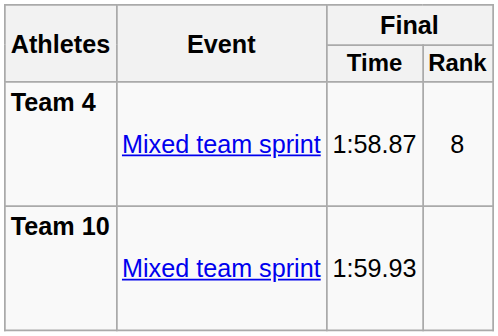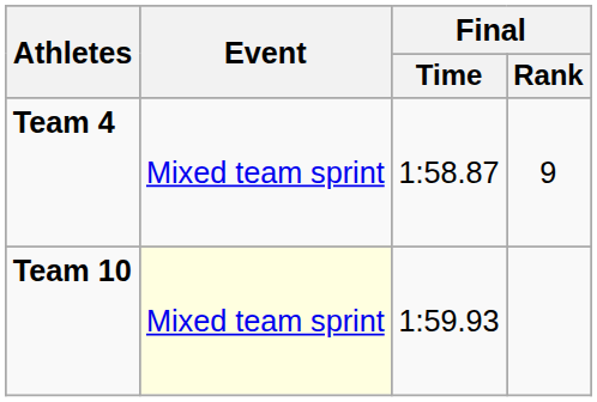 <table class="wikitable" style="font-size:90%">
 <tr>
 <th rowspan="2">Athletes</th>
 <th rowspan="2">Event</th>
 <th colspan="2">Final</th>
 </tr>
 <tr style="font-size:95%">
 <th>Time</th>
 <th>Rank</th>
 </tr>
 <tr align=center>
 <td align=left><strong>Team 4</strong><br><br><br><br></td>
 <td align=left><a href='#'>Mixed team sprint</a></td>
 <td>1:58.87</td>
-<td>8</td>
+<td>9</td>
 </tr>
 <tr align=center>
 <td align=left><strong>Team 10</strong><br><br><br><br></td>
-<td align=left><a href='#'>Mixed team sprint</a></td>
+<td align=left style="background: lightyellow;"><a href='#'>Mixed team sprint</a></td>
 <td>1:59.93</td>
 <td></td>
 </tr>
 </table>
